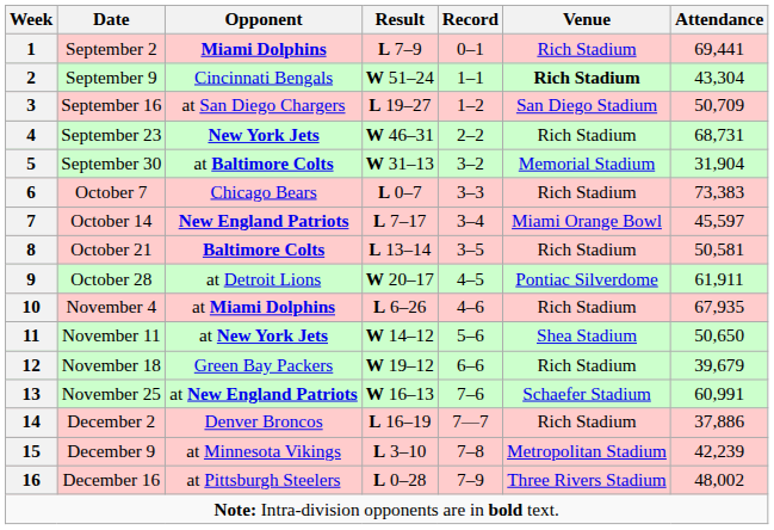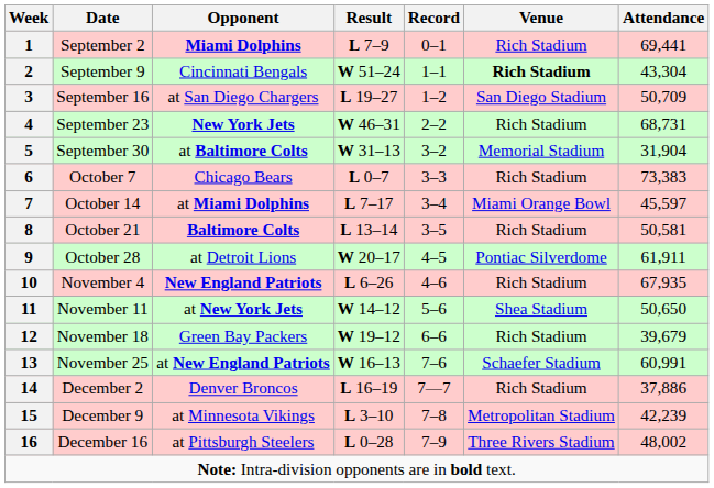 <table class="wikitable" style="text-align:center">
 <tr>
 <th>Week</th>
 <th>Date</th>
 <th>Opponent</th>
 <th>Result</th>
 <th>Record</th>
 <th>Venue</th>
 <th>Attendance</th>
 </tr>
 <tr style="background:#fcc">
 <th>1</th>
 <td>September 2</td>
 <td><strong><a href='#'>Miami Dolphins</a></strong></td>
 <td><strong>L</strong> 7–9</td>
 <td>0–1</td>
 <td><a href='#'>Rich Stadium</a></td>
 <td>69,441</td>
 </tr>
 <tr style="background:#cfc">
 <th>2</th>
 <td>September 9</td>
 <td><a href='#'>Cincinnati Bengals</a></td>
 <td><strong>W</strong> 51–24</td>
 <td>1–1</td>
 <td><strong>Rich Stadium</strong></td>
 <td>43,304</td>
 </tr>
 <tr style="background:#fcc">
 <th>3</th>
 <td>September 16</td>
 <td>at <a href='#'>San Diego Chargers</a></td>
 <td><strong>L</strong> 19–27</td>
 <td>1–2</td>
 <td><a href='#'>San Diego Stadium</a></td>
 <td>50,709</td>
 </tr>
 <tr style="background:#cfc">
 <th>4</th>
 <td>September 23</td>
 <td><strong><a href='#'>New York Jets</a></strong></td>
 <td><strong>W</strong> 46–31</td>
 <td>2–2</td>
 <td>Rich Stadium</td>
 <td>68,731</td>
 </tr>
 <tr style="background:#cfc">
 <th>5</th>
 <td>September 30</td>
 <td>at <strong><a href='#'>Baltimore Colts</a></strong></td>
 <td><strong>W</strong> 31–13</td>
 <td>3–2</td>
 <td><a href='#'>Memorial Stadium</a></td>
 <td>31,904</td>
 </tr>
 <tr style="background:#fcc">
 <th>6</th>
 <td>October 7</td>
 <td><a href='#'>Chicago Bears</a></td>
 <td><strong>L</strong> 0–7</td>
 <td>3–3</td>
 <td>Rich Stadium</td>
 <td>73,383</td>
 </tr>
 <tr style="background:#fcc">
 <th>7</th>
 <td>October 14</td>
-<td><strong><a href='#'>New England Patriots</a></strong></td>
+<td>at <strong><a href='#'>Miami Dolphins</a></strong></td>
 <td><strong>L</strong> 7–17</td>
 <td>3–4</td>
 <td><a href='#'>Miami Orange Bowl</a></td>
 <td>45,597</td>
 </tr>
 <tr style="background:#fcc">
 <th>8</th>
 <td>October 21</td>
 <td><strong><a href='#'>Baltimore Colts</a></strong></td>
 <td><strong>L</strong> 13–14</td>
 <td>3–5</td>
 <td>Rich Stadium</td>
 <td>50,581</td>
 </tr>
 <tr style="background:#cfc">
 <th>9</th>
 <td>October 28</td>
 <td>at <a href='#'>Detroit Lions</a></td>
 <td><strong>W</strong> 20–17</td>
 <td>4–5</td>
 <td><a href='#'>Pontiac Silverdome</a></td>
 <td>61,911</td>
 </tr>
 <tr style="background:#fcc">
 <th>10</th>
 <td>November 4</td>
-<td>at <strong><a href='#'>Miami Dolphins</a></strong></td>
+<td><strong><a href='#'>New England Patriots</a></strong></td>
 <td><strong>L</strong> 6–26</td>
 <td>4–6</td>
 <td>Rich Stadium</td>
 <td>67,935</td>
 </tr>
 <tr style="background:#cfc">
 <th>11</th>
 <td>November 11</td>
 <td>at <strong><a href='#'>New York Jets</a></strong></td>
 <td><strong>W</strong> 14–12</td>
 <td>5–6</td>
 <td><a href='#'>Shea Stadium</a></td>
 <td>50,650</td>
 </tr>
 <tr style="background:#cfc">
 <th>12</th>
 <td>November 18</td>
 <td><a href='#'>Green Bay Packers</a></td>
 <td><strong>W</strong> 19–12</td>
 <td>6–6</td>
 <td>Rich Stadium</td>
 <td>39,679</td>
 </tr>
 <tr style="background:#cfc">
 <th>13</th>
 <td>November 25</td>
 <td>at <strong><a href='#'>New England Patriots</a></strong></td>
 <td><strong>W</strong> 16–13 </td>
 <td>7–6</td>
 <td><a href='#'>Schaefer Stadium</a></td>
 <td>60,991</td>
 </tr>
 <tr style="background:#fcc">
 <th>14</th>
 <td>December 2</td>
 <td><a href='#'>Denver Broncos</a></td>
 <td><strong>L</strong> 16–19</td>
 <td>7—7</td>
 <td>Rich Stadium</td>
 <td>37,886</td>
 </tr>
 <tr style="background:#fcc">
 <th>15</th>
 <td>December 9</td>
 <td>at <a href='#'>Minnesota Vikings</a></td>
 <td><strong>L</strong> 3–10</td>
 <td>7–8</td>
 <td><a href='#'>Metropolitan Stadium</a></td>
 <td>42,239</td>
 </tr>
 <tr style="background:#fcc">
 <th>16</th>
 <td>December 16</td>
 <td>at <a href='#'>Pittsburgh Steelers</a></td>
 <td><strong>L</strong> 0–28</td>
 <td>7–9</td>
 <td><a href='#'>Three Rivers Stadium</a></td>
 <td>48,002</td>
 </tr>
 <tr>
 <td colspan="8"><strong>Note:</strong> Intra-division opponents are in <strong>bold</strong> text.</td>
 </tr>
 </table>
